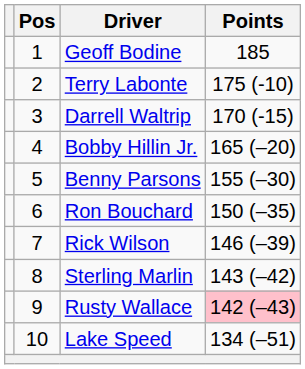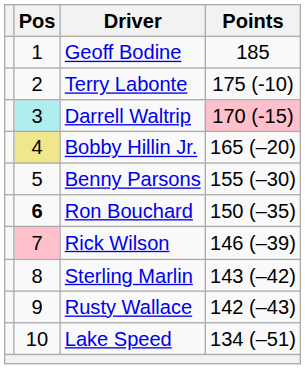 <table class="wikitable" style="font-size: 95%;">
 <tr>
 <th></th>
 <th>Pos</th>
 <th>Driver</th>
 <th>Points</th>
 </tr>
 <tr>
 <td align="left"></td>
 <td style="text-align:center;">1</td>
 <td><a href='#'>Geoff Bodine</a></td>
 <td style="text-align:center;">185</td>
 </tr>
 <tr>
 <td align="left"></td>
 <td style="text-align:center;">2</td>
 <td><a href='#'>Terry Labonte</a></td>
 <td style="text-align:center;">175 (-10)</td>
 </tr>
 <tr>
 <td align="left"></td>
-<td style="text-align:center;">3</td>
+<td style="background: paleturquoise; text-align:center;">3</td>
 <td><a href='#'>Darrell Waltrip</a></td>
-<td style="text-align:center;">170 (-15)</td>
+<td style="background: pink; text-align:center;">170 (-15)</td>
 </tr>
 <tr>
 <td align="left"></td>
-<td style="text-align:center;">4</td>
+<td style="background: khaki; text-align:center;">4</td>
 <td><a href='#'>Bobby Hillin Jr.</a></td>
 <td style="text-align:center;">165 (–20)</td>
 </tr>
 <tr>
 <td align="left"></td>
 <td style="text-align:center;">5</td>
 <td><a href='#'>Benny Parsons</a></td>
 <td style="text-align:center;">155 (–30)</td>
 </tr>
 <tr>
 <td align="left"></td>
-<td style="text-align:center;">6</td>
+<td style="text-align:center;"><strong>6</strong></td>
 <td><a href='#'>Ron Bouchard</a></td>
 <td style="text-align:center;">150 (–35)</td>
 </tr>
 <tr>
 <td align="left"></td>
-<td style="text-align:center;">7</td>
+<td style="background: pink; text-align:center;">7</td>
 <td><a href='#'>Rick Wilson</a></td>
 <td style="text-align:center;">146 (–39)</td>
 </tr>
 <tr>
 <td align="left"></td>
 <td style="text-align:center;">8</td>
 <td><a href='#'>Sterling Marlin</a></td>
 <td style="text-align:center;">143 (–42)</td>
 </tr>
 <tr>
 <td align="left"></td>
 <td style="text-align:center;">9</td>
 <td><a href='#'>Rusty Wallace</a></td>
-<td style="background: pink; text-align:center;">142 (–43)</td>
+<td style="text-align:center;">142 (–43)</td>
 </tr>
 <tr>
 <td align="left"></td>
 <td style="text-align:center;">10</td>
 <td><a href='#'>Lake Speed</a></td>
 <td style="text-align:center;">134 (–51)</td>
 </tr>
 <tr class="sortbottom">
 <th colspan="9"></th>
 </tr>
 </table>
